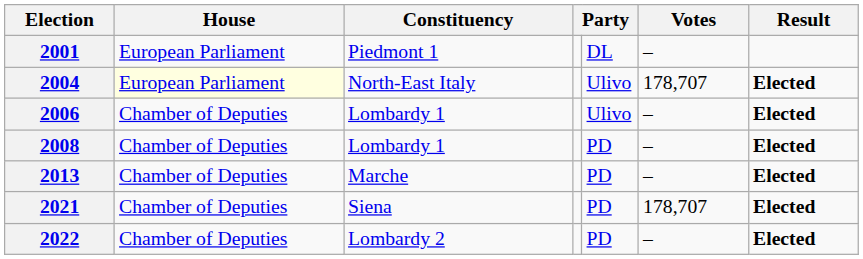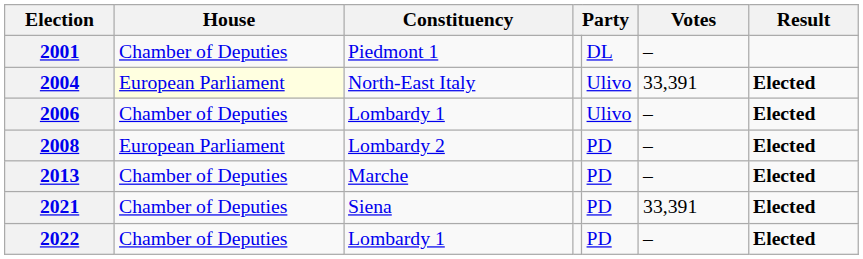 <table class=wikitable style="width:55%; border:1px #AAAAFF solid">
 <tr>
 <th width=12%>Election</th>
 <th width=25%>House</th>
 <th width=25%>Constituency</th>
 <th width=5% colspan="2">Party</th>
 <th width=12%>Votes</th>
 <th width=12%>Result</th>
 </tr>
 <tr>
 <th><a href='#'>2001</a></th>
-<td><a href='#'>European Parliament</a></td>
+<td><a href='#'>Chamber of Deputies</a></td>
 <td><a href='#'>Piedmont 1</a></td>
 <td></td>
 <td><a href='#'>DL</a></td>
 <td>–</td>
 <td></td>
 </tr>
 <tr>
 <th><a href='#'>2004</a></th>
 <td style="background: lightyellow;"><a href='#'>European Parliament</a></td>
 <td><a href='#'>North-East Italy</a></td>
 <td></td>
 <td><a href='#'>Ulivo</a></td>
-<td>178,707</td>
+<td>33,391</td>
 <td> <strong>Elected</strong></td>
 </tr>
 <tr>
 <th><a href='#'>2006</a></th>
 <td><a href='#'>Chamber of Deputies</a></td>
 <td><a href='#'>Lombardy 1</a></td>
 <td></td>
 <td><a href='#'>Ulivo</a></td>
 <td>–</td>
 <td> <strong>Elected</strong></td>
 </tr>
 <tr>
 <th><a href='#'>2008</a></th>
-<td><a href='#'>Chamber of Deputies</a></td>
-<td><a href='#'>Lombardy 1</a></td>
+<td><a href='#'>European Parliament</a></td>
+<td><a href='#'>Lombardy 2</a></td>
 <td></td>
 <td><a href='#'>PD</a></td>
 <td>–</td>
 <td> <strong>Elected</strong></td>
 </tr>
 <tr>
 <th><a href='#'>2013</a></th>
 <td><a href='#'>Chamber of Deputies</a></td>
 <td><a href='#'>Marche</a></td>
 <td></td>
 <td><a href='#'>PD</a></td>
 <td>–</td>
 <td> <strong>Elected</strong></td>
 </tr>
 <tr>
 <th><a href='#'>2021</a></th>
 <td><a href='#'>Chamber of Deputies</a></td>
 <td><a href='#'>Siena</a></td>
 <td></td>
 <td><a href='#'>PD</a></td>
-<td>178,707</td>
+<td>33,391</td>
 <td> <strong>Elected</strong></td>
 </tr>
 <tr>
 <th><a href='#'>2022</a></th>
 <td><a href='#'>Chamber of Deputies</a></td>
-<td><a href='#'>Lombardy 2</a></td>
+<td><a href='#'>Lombardy 1</a></td>
 <td></td>
 <td><a href='#'>PD</a></td>
 <td>–</td>
 <td> <strong>Elected</strong></td>
 </tr>
 </table>
